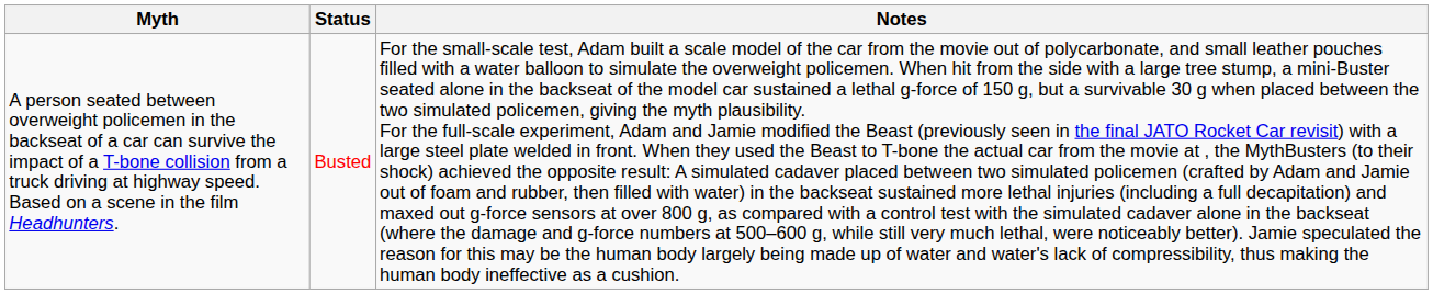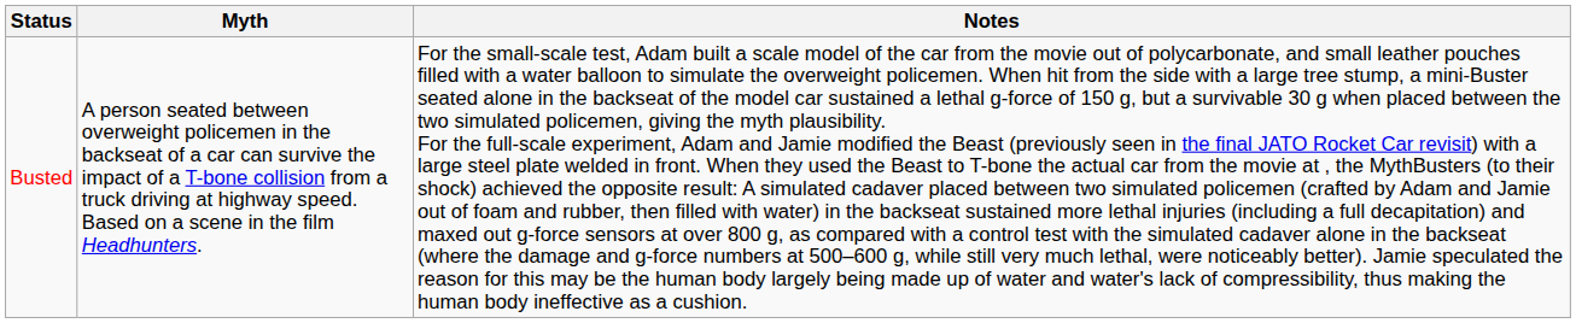 <table class="wikitable plainrowheaders">
 <tr>
+<th scope="col">Status</th>
 <th scope="col">Myth</th>
-<th scope="col">Status</th>
 <th scope="col">Notes</th>
 </tr>
 <tr>
+<td style="color:red">Busted</td>
 <td scope="row">A person seated between overweight policemen in the backseat of a car can survive the impact of a <a href='#'>T-bone collision</a> from a truck driving at highway speed. Based on a scene in the film <em><a href='#'>Headhunters</a></em>.</td>
-<td style="color:red">Busted</td>
 <td>For the small-scale test, Adam built a scale model of the car from the movie out of polycarbonate, and small leather pouches filled with a water balloon to simulate the overweight policemen. When hit from the side with a large tree stump, a mini-Buster seated alone in the backseat of the model car sustained a lethal g-force of 150 g, but a survivable 30 g when placed between the two simulated policemen, giving the myth plausibility.<br>For the full-scale experiment, Adam and Jamie modified the Beast (previously seen in <a href='#'>the final JATO Rocket Car revisit</a>) with a large steel plate welded in front. When they used the Beast to T-bone the actual car from the movie at , the MythBusters (to their shock) achieved the opposite result: A simulated cadaver placed between two  simulated policemen (crafted by Adam and Jamie out of foam and rubber, then filled with water) in the backseat sustained more lethal injuries (including a full decapitation) and maxed out g-force sensors at over 800 g, as compared with a control test with the simulated cadaver alone in the backseat (where the damage and g-force numbers at 500–600 g, while still very much lethal, were noticeably better). Jamie speculated the reason for this may be the human body largely being made up of water and water's lack of compressibility, thus making the human body ineffective as a cushion.</td>
 </tr>
 </table>
